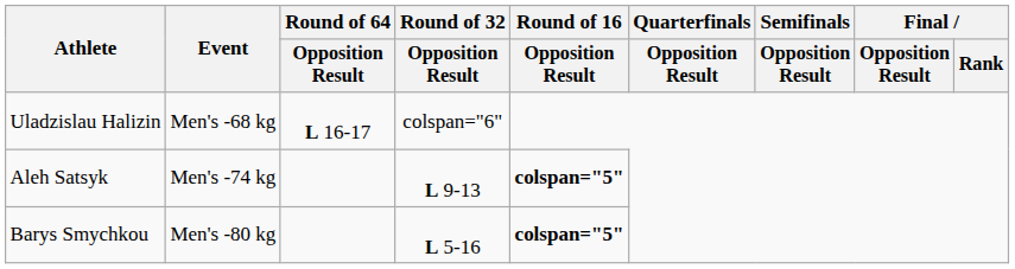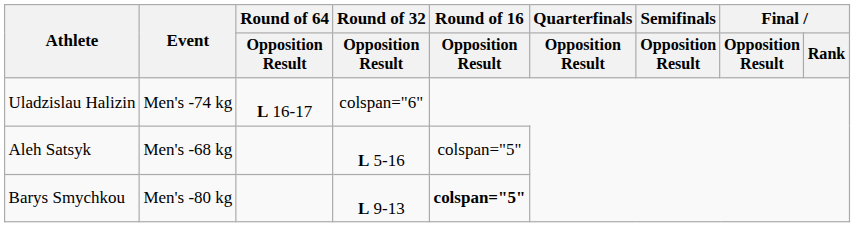 <table class="wikitable" style="font-size:90%">
 <tr>
 <th rowspan="2">Athlete</th>
 <th rowspan="2">Event</th>
 <th>Round of 64</th>
 <th>Round of 32</th>
 <th>Round of 16</th>
 <th>Quarterfinals</th>
 <th>Semifinals</th>
 <th colspan="2">Final / </th>
 </tr>
 <tr style="font-size:95%">
 <th>Opposition<br>Result</th>
 <th>Opposition<br>Result</th>
 <th>Opposition<br>Result</th>
 <th>Opposition<br>Result</th>
 <th>Opposition<br>Result</th>
 <th>Opposition<br>Result</th>
 <th>Rank</th>
 </tr>
 <tr align="center">
 <td align="left">Uladzislau Halizin</td>
-<td align="left">Men's -68 kg</td>
+<td align="left">Men's -74 kg</td>
 <td><br><strong>L</strong> 16-17</td>
 <td>colspan="6" </td>
 </tr>
 <tr align="center">
 <td align="left">Aleh Satsyk</td>
-<td align="left">Men's -74 kg</td>
+<td align="left">Men's -68 kg</td>
 <td></td>
-<td><br><strong>L</strong> 9-13</td>
-<td><strong>colspan="5"</strong></td>
+<td><br><strong>L</strong> 5-16</td>
+<td>colspan="5"</td>
 </tr>
 <tr align="center">
 <td align="left">Barys Smychkou</td>
 <td align="left">Men's -80 kg</td>
 <td></td>
-<td><br><strong>L</strong> 5-16</td>
+<td><br><strong>L</strong> 9-13</td>
 <td><strong>colspan="5"</strong></td>
 </tr>
 </table>
